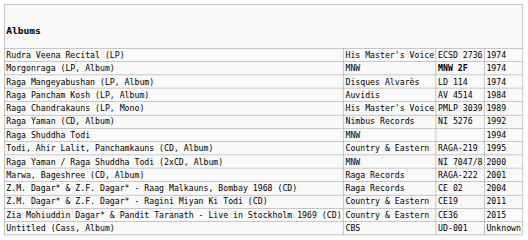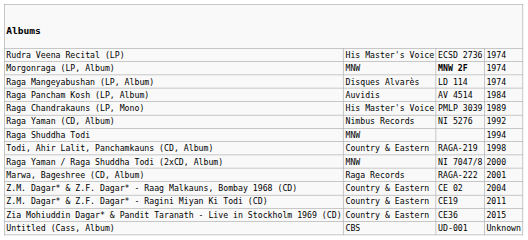 <table class="wikitable">
 <tr>
 <td colspan="95"><br><h3>Albums</h3></td>
 </tr>
 <tr>
 <td>Rudra Veena Recital (LP)</td>
 <td>His Master's Voice</td>
 <td>ECSD 2736</td>
 <td>1974</td>
 </tr>
 <tr>
 <td>Morgonraga (LP, Album)</td>
 <td>MNW</td>
 <td><strong>MNW 2F</strong></td>
 <td>1974</td>
 </tr>
 <tr>
 <td>Raga Mangeyabushan (LP, Album)</td>
 <td>Disques Alvarès</td>
 <td>LD 114</td>
 <td>1974</td>
 </tr>
 <tr>
 <td>Raga Pancham Kosh (LP, Album)</td>
 <td>Auvidis</td>
 <td>AV 4514</td>
 <td>1984</td>
 </tr>
 <tr>
 <td>Raga Chandrakauns (LP, Mono)</td>
 <td>His Master's Voice</td>
 <td>PMLP 3039</td>
 <td>1989</td>
 </tr>
 <tr>
 <td>Raga Yaman (CD, Album)</td>
 <td>Nimbus Records</td>
 <td>NI 5276</td>
 <td>1992</td>
 </tr>
 <tr>
 <td>Raga Shuddha Todi</td>
 <td>MNW</td>
 <td></td>
 <td>1994</td>
 </tr>
 <tr>
 <td>Todi, Ahir Lalit, Panchamkauns (CD, Album)</td>
 <td>Country & Eastern</td>
 <td>RAGA-219</td>
-<td>1995</td>
+<td>1998</td>
 </tr>
 <tr>
 <td>Raga Yaman / Raga Shuddha Todi (2xCD, Album)</td>
 <td>MNW</td>
 <td>NI 7047/8</td>
 <td>2000</td>
 </tr>
 <tr>
 <td>Marwa, Bageshree (CD, Album)</td>
 <td>Raga Records</td>
 <td>RAGA-222</td>
 <td>2001</td>
 </tr>
 <tr>
 <td>Z.M. Dagar* & Z.F. Dagar* - Raag Malkauns, Bombay 1968 (CD)</td>
-<td>Raga Records</td>
+<td>Country & Eastern</td>
 <td>CE 02</td>
 <td>2004</td>
 </tr>
 <tr>
 <td>Z.M. Dagar* & Z.F. Dagar* - Ragini Miyan Ki Todi (CD)</td>
 <td>Country & Eastern</td>
 <td>CE19</td>
 <td>2011</td>
 </tr>
 <tr>
 <td>Zia Mohiuddin Dagar* & Pandit Taranath - Live in Stockholm 1969 (CD)</td>
 <td>Country & Eastern</td>
 <td>CE36</td>
 <td>2015</td>
 </tr>
 <tr>
 <td>Untitled (Cass, Album)</td>
 <td>CBS</td>
 <td>UD-001</td>
 <td>Unknown</td>
 </tr>
 </table>
